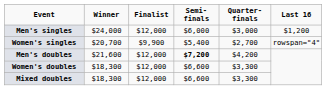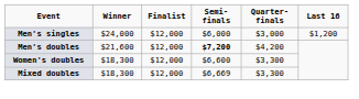 <table class="wikitable" style="font-size:90%; text-align:center">
 <tr>
 <td width="125"><strong>Event</strong></td>
 <td width="68"><strong>Winner</strong></td>
 <td width="68"><strong>Finalist</strong></td>
 <td width="68"><strong>Semi-finals</strong></td>
 <td width="80"><strong>Quarter-finals</strong></td>
 <td width="68"><strong>Last 16</strong></td>
 </tr>
 <tr>
 <td bgcolor="#dfe2e9"><strong>Men's singles</strong></td>
 <td>$24,000</td>
 <td>$12,000</td>
 <td>$6,000</td>
 <td>$3,000</td>
 <td>$1,200</td>
-</tr>
-<tr>
-<td bgcolor="#dfe2e9"><strong>Women's singles</strong></td>
-<td>$20,700</td>
-<td>$9,900</td>
-<td>$5,400</td>
-<td>$2,700</td>
-<td>rowspan="4" </td>
 </tr>
 <tr>
 <td bgcolor="#dfe2e9"><strong>Men's doubles</strong></td>
 <td>$21,600</td>
 <td>$12,000</td>
 <td><strong>$7,200</strong></td>
 <td>$4,200</td>
 </tr>
 <tr>
 <td bgcolor="#dfe2e9"><strong>Women's doubles</strong></td>
 <td>$18,300</td>
 <td>$12,000</td>
 <td>$6,600</td>
 <td>$3,300</td>
 </tr>
 <tr>
 <td bgcolor="#dfe2e9"><strong>Mixed doubles</strong></td>
 <td>$18,300</td>
 <td>$12,000</td>
-<td>$6,600</td>
+<td>$6,669</td>
 <td>$3,300</td>
 </tr>
 </table>
